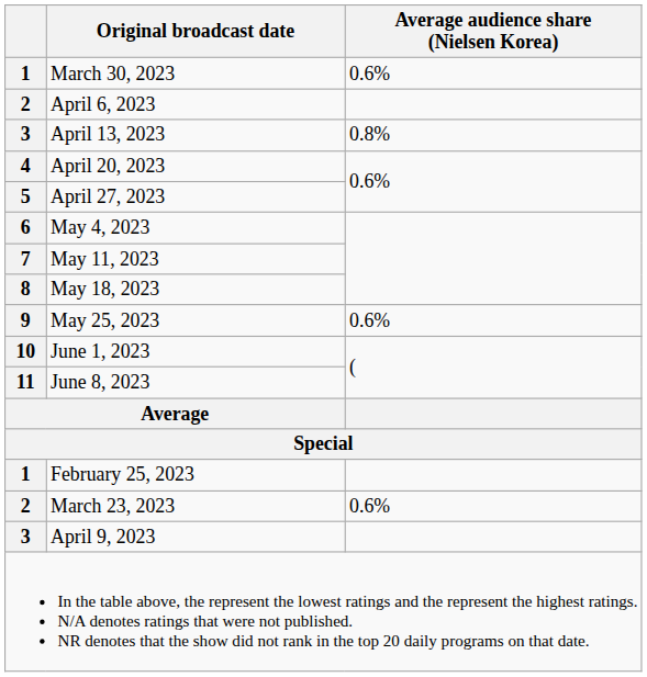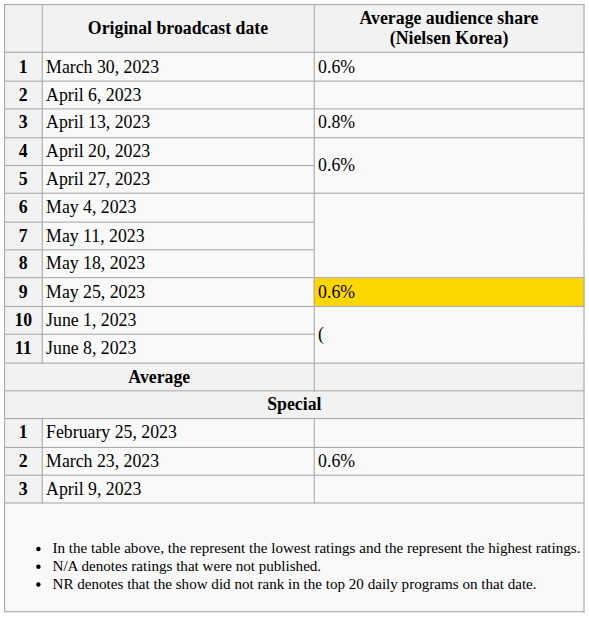 <table class="wikitable">
 <tr>
 <th scope="col"></th>
 <th scope="col">Original broadcast date</th>
 <th scope="col">Average audience share<br>(Nielsen Korea)</th>
 </tr>
 <tr>
 <th scope="row">1</th>
 <td>March 30, 2023</td>
 <td>0.6% </td>
 </tr>
 <tr>
 <th scope="row">2</th>
 <td>April 6, 2023</td>
 <td><strong></strong> </td>
 </tr>
 <tr>
 <th scope="row">3</th>
 <td>April 13, 2023</td>
 <td>0.8% </td>
 </tr>
 <tr>
 <th scope="row">4</th>
 <td>April 20, 2023</td>
 <td rowspan="2">0.6% </td>
 </tr>
 <tr>
 <th scope="row">5</th>
 <td>April 27, 2023</td>
 </tr>
 <tr>
 <th scope="row">6</th>
 <td>May 4, 2023</td>
 <td rowspan="3"><strong></strong> </td>
 </tr>
 <tr>
 <th scope="row">7</th>
 <td>May 11, 2023</td>
 </tr>
 <tr>
 <th scope="row">8</th>
 <td>May 18, 2023</td>
 </tr>
 <tr>
 <th scope="row">9</th>
 <td>May 25, 2023</td>
-<td>0.6% </td>
+<td style="background: gold;">0.6% </td>
 </tr>
 <tr>
 <th scope="row">10</th>
 <td>June 1, 2023</td>
 <td rowspan="2"><strong></strong> (</td>
 </tr>
 <tr>
 <th scope="row">11</th>
 <td>June 8, 2023</td>
 </tr>
 <tr>
 <th colspan="2">Average</th>
 <th></th>
 </tr>
 <tr>
 <th colspan="3">Special</th>
 </tr>
 <tr>
 <th scope="row">1</th>
 <td>February 25, 2023</td>
 <td></td>
 </tr>
 <tr>
 <th scope="row">2</th>
 <td>March 23, 2023</td>
 <td>0.6% </td>
 </tr>
 <tr>
 <th scope="row">3</th>
 <td>April 9, 2023</td>
 <td></td>
 </tr>
 <tr>
 <td colspan="3" style="font-size:85%"><br><ul><li>In the table above, the <strong></strong> represent the lowest ratings and the <strong></strong> represent the highest ratings.</li><li>N/A denotes ratings that were not published.</li><li>NR denotes that the show did not rank in the top 20 daily programs on that date.</li></ul></td>
 </tr>
 </table>
